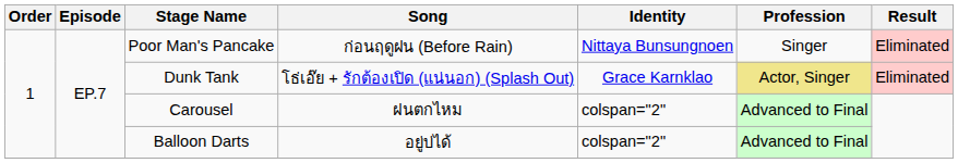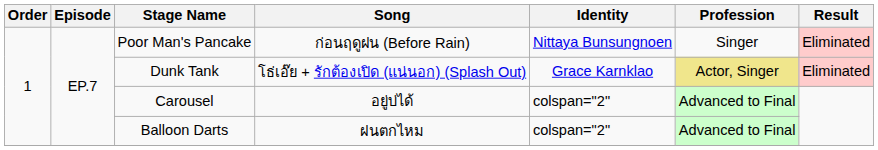 <table class="wikitable">
 <tr>
 <th>Order</th>
 <th>Episode</th>
 <th>Stage Name</th>
 <th>Song</th>
 <th>Identity</th>
 <th>Profession</th>
 <th>Result</th>
 </tr>
 <tr>
 <td rowspan="4" align="center">1</td>
 <td rowspan="4" align="center">EP.7</td>
 <td style="text-align:center;">Poor Man's Pancake</td>
 <td style="text-align:center;">ก่อนฤดูฝน (Before Rain)</td>
 <td style="text-align:center;"><a href='#'>Nittaya Bunsungnoen</a></td>
 <td style="text-align:center;">Singer</td>
 <td style="text-align:center; background:#ffcccc;">Eliminated</td>
 </tr>
 <tr>
 <td style="text-align:center;">Dunk Tank</td>
 <td style="text-align:center;">โธ่เอ๊ย + <a href='#'>รักต้องเปิด (แน่นอก) (Splash Out)</a></td>
 <td style="text-align:center;"><a href='#'>Grace Karnklao</a></td>
 <td style="background: khaki; text-align:center;">Actor, Singer</td>
 <td style="text-align:center; background:#ffcccc;">Eliminated</td>
 </tr>
 <tr>
 <td style="text-align:center;">Carousel</td>
-<td style="text-align:center;">ฝนตกไหม</td>
+<td style="text-align:center;">อยู่บ่ได้</td>
 <td>colspan="2"  </td>
 <td style="text-align:center; background:#ccffcc;">Advanced to Final</td>
 </tr>
 <tr>
 <td style="text-align:center;">Balloon Darts</td>
-<td style="text-align:center;">อยู่บ่ได้</td>
+<td style="text-align:center;">ฝนตกไหม</td>
 <td>colspan="2"  </td>
 <td style="text-align:center; background:#ccffcc;">Advanced to Final</td>
 </tr>
 <tr>
 </tr>
 </table>
